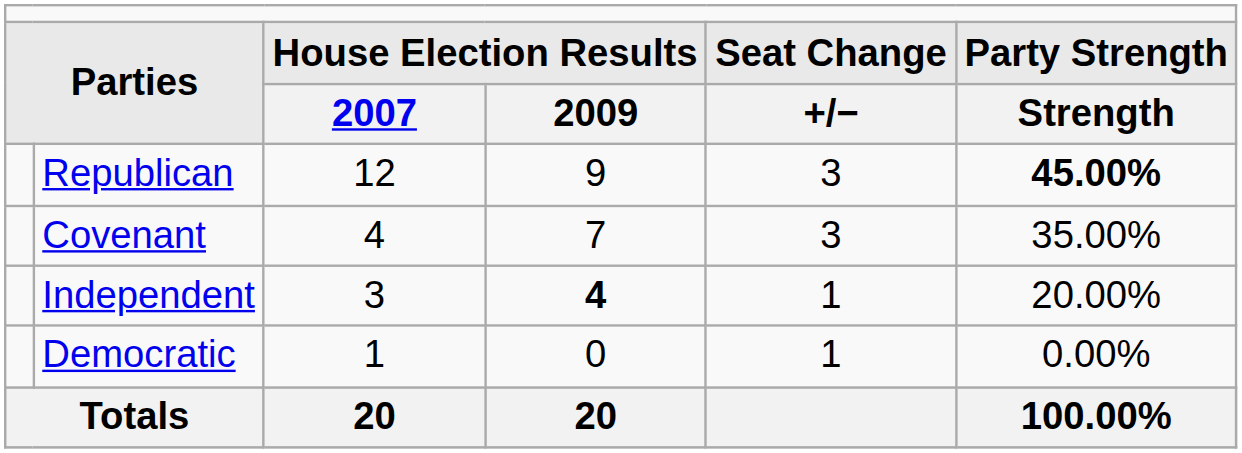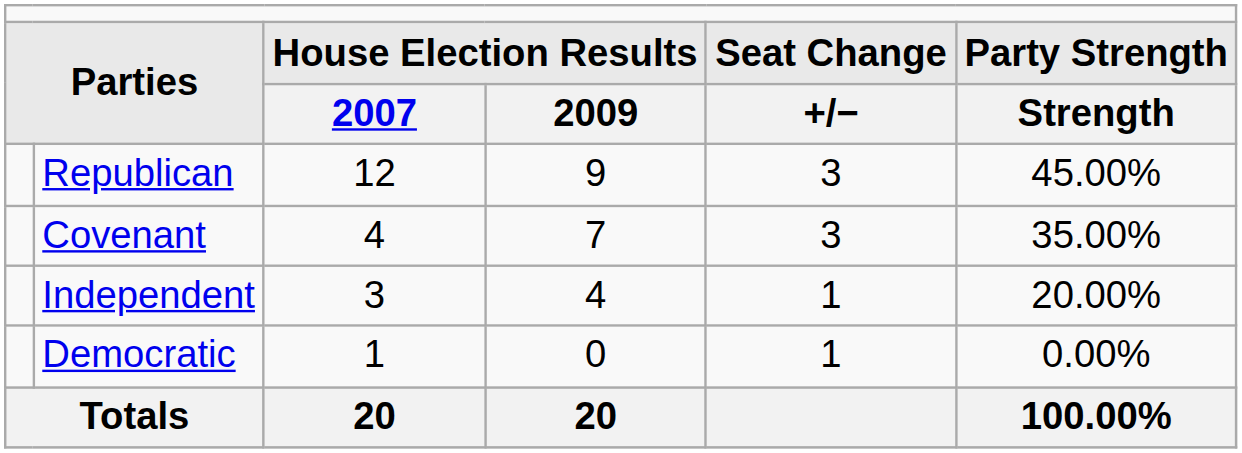 <table class   ="wikitable">
 <tr>
 <td colspan="6"></td>
 </tr>
 <tr>
 <th style   ="background:#e9e9e9; text-align:center" rowspan="2" colspan="2">Parties</th>
 <th style   ="background:#e9e9e9; text-align:center" colspan="2">House Election Results</th>
 <th style   ="background:#e9e9e9; text-align:center" colspan="1">Seat Change</th>
 <th style   ="background:#e9e9e9; text-align:center" colspan="1">Party Strength</th>
 </tr>
 <tr style ="background:#e9e9e9">
 <th><a href='#'>2007</a></th>
 <th>2009</th>
 <th>+/−</th>
 <th>Strength</th>
 </tr>
 <tr>
 <td style="background-color:"> </td>
 <td><a href='#'>Republican</a></td>
 <td align = center>12</td>
 <td align = center>9</td>
 <td align = center>3 </td>
-<td align = center><strong>45.00%</strong></td>
+<td align = center>45.00%</td>
 </tr>
 <tr>
 <td style="background-color:"> </td>
 <td><a href='#'>Covenant</a></td>
 <td align = center>4</td>
 <td align = center>7</td>
 <td align = center>3 </td>
 <td align = center>35.00%</td>
 </tr>
 <tr>
 <td style="background-color:"> </td>
 <td><a href='#'>Independent</a></td>
 <td align = center>3</td>
-<td align = center><strong>4</strong></td>
+<td align = center>4</td>
 <td align = center>1 </td>
 <td align = center>20.00%</td>
 </tr>
 <tr>
 <td style="background-color:"> </td>
 <td><a href='#'>Democratic</a></td>
 <td align = center>1</td>
 <td align = center>0</td>
 <td align = center>1 </td>
 <td align = center>0.00%</td>
 </tr>
 <tr style = "background:#ccc">
 <th colspan = "2">Totals</th>
 <th>20</th>
 <th>20</th>
 <th></th>
 <th>100.00%</th>
 </tr>
 </table>
